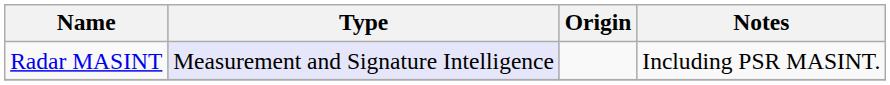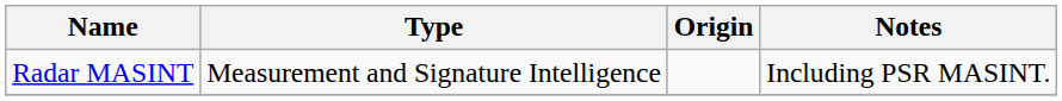 <table class="wikitable" ; text-align:"center;">
 <tr>
 <th>Name</th>
 <th>Type</th>
 <th>Origin</th>
 <th>Notes</th>
 </tr>
 <tr>
 <td><a href='#'>Radar MASINT</a></td>
-<td style="background: lavender;">Measurement and Signature Intelligence</td>
+<td>Measurement and Signature Intelligence</td>
 <td></td>
 <td>Including PSR MASINT.</td>
 </tr>
 <tr>
 </tr>
 </table>
